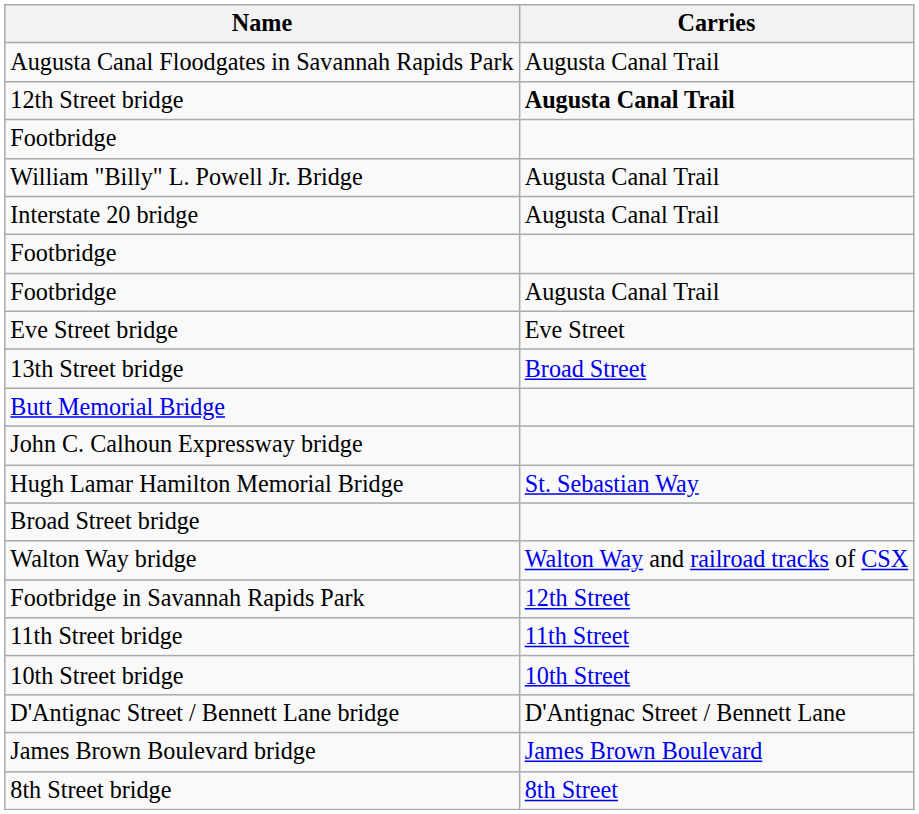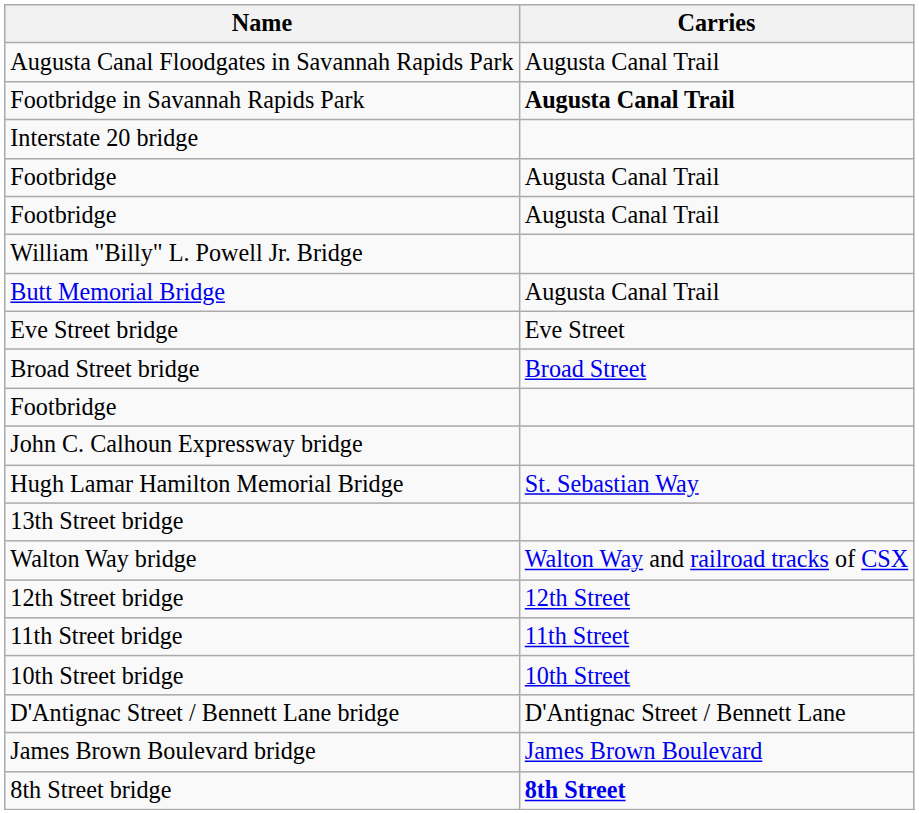 <table class="wikitable sortable">
 <tr>
 <th scope="col">Name</th>
 <th scope="col">Carries</th>
 </tr>
 <tr>
 <td>Augusta Canal Floodgates in Savannah Rapids Park</td>
 <td>Augusta Canal Trail</td>
 </tr>
 <tr>
-<td>12th Street bridge</td>
+<td>Footbridge in Savannah Rapids Park</td>
 <td><strong>Augusta Canal Trail</strong></td>
 </tr>
 <tr>
-<td>Footbridge</td>
-<td></td>
-</tr>
-<tr>
-<td>William "Billy" L. Powell Jr. Bridge</td>
-<td>Augusta Canal Trail</td>
-</tr>
-<tr>
 <td>Interstate 20 bridge</td>
-<td>Augusta Canal Trail</td>
-</tr>
-<tr>
-<td>Footbridge</td>
 <td></td>
 </tr>
 <tr>
 <td>Footbridge</td>
 <td>Augusta Canal Trail</td>
 </tr>
 <tr>
+<td>Footbridge</td>
+<td>Augusta Canal Trail</td>
+</tr>
+<tr>
+<td>William "Billy" L. Powell Jr. Bridge</td>
+<td></td>
+</tr>
+<tr>
+<td><a href='#'>Butt Memorial Bridge</a></td>
+<td>Augusta Canal Trail</td>
+</tr>
+<tr>
 <td>Eve Street bridge</td>
 <td>Eve Street</td>
 </tr>
 <tr>
-<td>13th Street bridge</td>
+<td>Broad Street bridge</td>
 <td><a href='#'>Broad Street</a></td>
 </tr>
 <tr>
-<td><a href='#'>Butt Memorial Bridge</a></td>
+<td>Footbridge</td>
 <td></td>
 </tr>
 <tr>
 <td>John C. Calhoun Expressway bridge</td>
 <td></td>
 </tr>
 <tr>
 <td>Hugh Lamar Hamilton Memorial Bridge</td>
 <td><a href='#'>St. Sebastian Way</a></td>
 </tr>
 <tr>
-<td>Broad Street bridge</td>
+<td>13th Street bridge</td>
 <td></td>
 </tr>
 <tr>
 <td>Walton Way bridge</td>
 <td><a href='#'>Walton Way</a> and <a href='#'>railroad tracks</a> of <a href='#'>CSX</a></td>
 </tr>
 <tr>
-<td>Footbridge in Savannah Rapids Park</td>
+<td>12th Street bridge</td>
 <td><a href='#'>12th Street</a></td>
 </tr>
 <tr>
 <td>11th Street bridge</td>
 <td><a href='#'>11th Street</a></td>
 </tr>
 <tr>
 <td>10th Street bridge</td>
 <td><a href='#'>10th Street</a></td>
 </tr>
 <tr>
 <td>D'Antignac Street / Bennett Lane bridge</td>
 <td>D'Antignac Street / Bennett Lane</td>
 </tr>
 <tr>
 <td>James Brown Boulevard bridge</td>
 <td><a href='#'>James Brown Boulevard</a></td>
 </tr>
 <tr>
 <td>8th Street bridge</td>
-<td><a href='#'>8th Street</a></td>
+<td><strong><a href='#'>8th Street</a></strong></td>
 </tr>
 </table>
